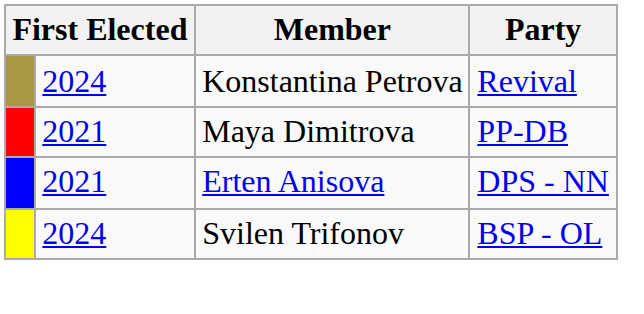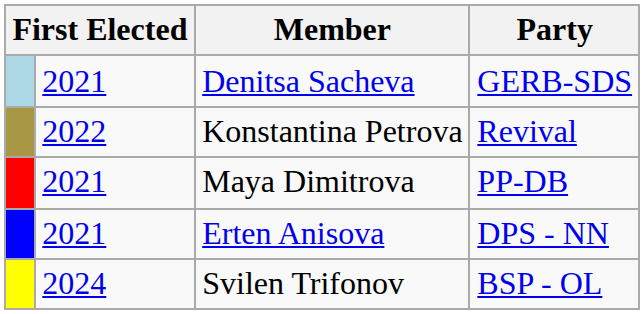 <table class="wikitable">
 <tr>
 <th colspan="2">First Elected</th>
 <th>Member</th>
 <th>Party</th>
 </tr>
 <tr>
+<td style="background-color: lightblue"></td>
+<td><a href='#'>2021</a></td>
+<td><a href='#'>Denitsa Sacheva</a></td>
+<td><a href='#'>GERB-SDS</a></td>
+</tr>
+<tr>
 <td style="background-color: #a89845"></td>
-<td><a href='#'>2024</a></td>
+<td><a href='#'>2022</a></td>
 <td>Konstantina Petrova</td>
 <td><a href='#'>Revival</a></td>
 </tr>
 <tr>
 <td style="background-color: red"></td>
 <td><a href='#'>2021</a></td>
 <td>Maya Dimitrova</td>
 <td><a href='#'>PP-DB</a></td>
 </tr>
 <tr>
 <td style="background-color: blue"></td>
 <td><a href='#'>2021</a></td>
 <td><a href='#'>Erten Anisova</a></td>
 <td><a href='#'>DPS - NN</a></td>
 </tr>
 <tr>
 <td style="background-color: yellow"></td>
 <td><a href='#'>2024</a></td>
 <td>Svilen Trifonov</td>
 <td><a href='#'>BSP - OL</a></td>
 </tr>
 </table>
